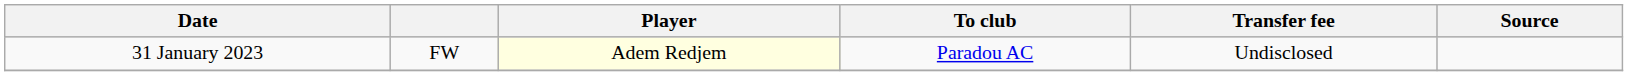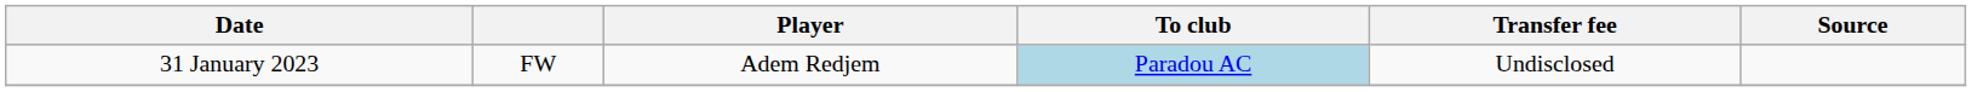 <table class="wikitable sortable" style="width:70%; text-align:center; font-size:85%; text-align:centre;">
 <tr>
 <th>Date</th>
 <th></th>
 <th>Player</th>
 <th>To club</th>
 <th>Transfer fee</th>
 <th>Source</th>
 </tr>
 <tr>
 <td>31 January 2023</td>
 <td>FW</td>
-<td style="background: lightyellow;"> Adem Redjem</td>
-<td><a href='#'>Paradou AC</a></td>
+<td> Adem Redjem</td>
+<td style="background: lightblue;"><a href='#'>Paradou AC</a></td>
 <td>Undisclosed</td>
 <td></td>
 </tr>
 <tr>
 </tr>
 </table>
